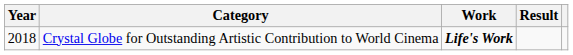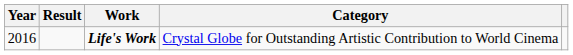 <table class="wikitable sortable">
 <tr>
 <th>Year</th>
+<th>Result</th>
+<th>Work</th>
 <th>Category</th>
-<th>Work</th>
-<th>Result</th>
 <th></th>
 </tr>
 <tr>
-<td>2018</td>
+<td>2016</td>
+<td></td>
+<td><strong><em>Life's Work</em></strong></td>
 <td><a href='#'>Crystal Globe</a> for Outstanding Artistic Contribution to World Cinema</td>
-<td><strong><em>Life's Work</em></strong></td>
-<td></td>
 <td></td>
 </tr>
 </table>
